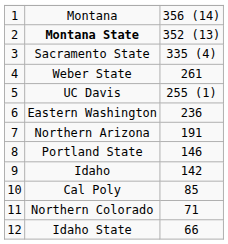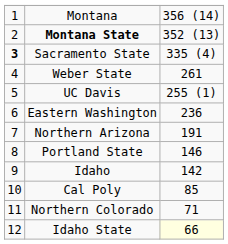 <table class="wikitable" style="display: inline-table;">
 <tr align="center">
 </tr>
 <tr align="center">
 <td>1</td>
 <td>Montana</td>
 <td>356 (14)</td>
 </tr>
 <tr align="center">
 <td>2</td>
 <td><strong>Montana State</strong></td>
 <td>352 (13)</td>
 </tr>
 <tr align="center">
-<td>3</td>
+<td><strong>3</strong></td>
 <td>Sacramento State</td>
 <td>335 (4)</td>
 </tr>
 <tr align="center">
 <td>4</td>
 <td>Weber State</td>
 <td>261</td>
 </tr>
 <tr align="center">
 <td>5</td>
 <td>UC Davis</td>
 <td>255 (1)</td>
 </tr>
 <tr align="center">
 <td>6</td>
 <td>Eastern Washington</td>
 <td>236</td>
 </tr>
 <tr align="center">
 <td>7</td>
 <td>Northern Arizona</td>
 <td>191</td>
 </tr>
 <tr align="center">
 <td>8</td>
 <td>Portland State</td>
 <td>146</td>
 </tr>
 <tr align="center">
 <td>9</td>
 <td>Idaho</td>
 <td>142</td>
 </tr>
 <tr align="center">
 <td>10</td>
 <td>Cal Poly</td>
 <td>85</td>
 </tr>
 <tr align="center">
 <td>11</td>
 <td>Northern Colorado</td>
 <td>71</td>
 </tr>
 <tr align="center">
 <td>12</td>
 <td>Idaho State</td>
-<td>66</td>
+<td style="background: lightyellow;">66</td>
 </tr>
 </table>
